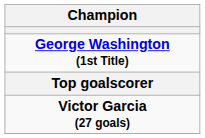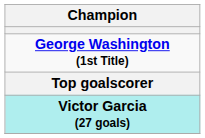 <table class="wikitable" style="margin: 0 auto; width: 220px;">
 <tr>
 <th>Champion</th>
 </tr>
 <tr>
 <th></th>
 </tr>
 <tr>
 <td align="center"><strong><a href='#'>George Washington</a></strong><br><small><strong>(1st Title)</strong></small></td>
 </tr>
 <tr>
 <th>Top goalscorer</th>
 </tr>
 <tr>
-<td align="center"><strong>Victor Garcia </strong><br><small><strong>(27 goals)</strong></small></td>
+<td align="center" style="background: paleturquoise;"><strong>Victor Garcia </strong><br><small><strong>(27 goals)</strong></small></td>
 </tr>
 <tr>
 </tr>
 </table>
